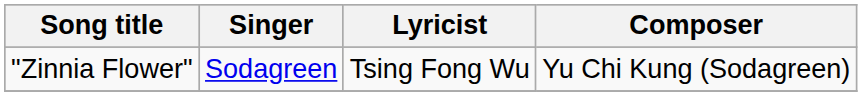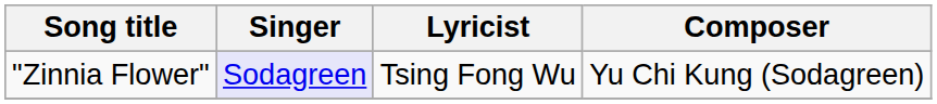 <table class="wikitable">
 <tr>
 <th><strong>Song title</strong></th>
 <th>Singer</th>
 <th>Lyricist</th>
 <th>Composer</th>
 </tr>
 <tr>
 <td>"Zinnia Flower"</td>
-<td><a href='#'>Sodagreen</a></td>
+<td style="background: lavender;"><a href='#'>Sodagreen</a></td>
 <td>Tsing Fong Wu</td>
 <td>Yu Chi Kung (Sodagreen)</td>
 </tr>
 <tr>
 </tr>
 </table>
